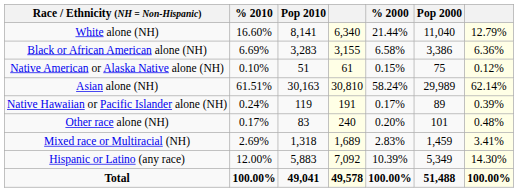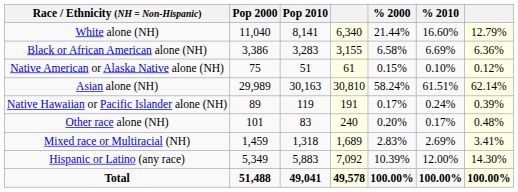 <table class="wikitable" style="text-align:center;">
 <tr>
 <th>Race / Ethnicity <small>(<em>NH = Non-Hispanic</em>)</small></th>
-<th>% 2010</th>
+<th>Pop 2000</th>
 <th>Pop 2010</th>
 <th></th>
 <th>% 2000</th>
-<th>Pop 2000</th>
+<th>% 2010</th>
 <th></th>
 </tr>
 <tr>
 <td><a href='#'>White</a> alone (NH)</td>
-<td>16.60%</td>
+<td>11,040</td>
 <td>8,141</td>
 <td style='background: #ffffe6;'>6,340</td>
 <td>21.44%</td>
-<td>11,040</td>
+<td>16.60%</td>
 <td style='background: #ffffe6;'>12.79%</td>
 </tr>
 <tr>
 <td><a href='#'>Black or African American</a> alone (NH)</td>
-<td>6.69%</td>
+<td>3,386</td>
 <td>3,283</td>
 <td style='background: #ffffe6;'>3,155</td>
 <td>6.58%</td>
-<td>3,386</td>
+<td>6.69%</td>
 <td style='background: #ffffe6;'>6.36%</td>
 </tr>
 <tr>
 <td><a href='#'>Native American</a> or <a href='#'>Alaska Native</a> alone (NH)</td>
-<td>0.10%</td>
+<td>75</td>
 <td>51</td>
 <td style='background: #ffffe6;'>61</td>
 <td>0.15%</td>
-<td>75</td>
+<td>0.10%</td>
 <td style='background: #ffffe6;'>0.12%</td>
 </tr>
 <tr>
 <td><a href='#'>Asian</a> alone (NH)</td>
-<td>61.51%</td>
+<td>29,989</td>
 <td>30,163</td>
 <td style='background: #ffffe6;'>30,810</td>
 <td>58.24%</td>
-<td>29,989</td>
+<td>61.51%</td>
 <td style='background: #ffffe6;'>62.14%</td>
 </tr>
 <tr>
 <td><a href='#'>Native Hawaiian</a> or <a href='#'>Pacific Islander</a> alone (NH)</td>
-<td>0.24%</td>
+<td>89</td>
 <td>119</td>
 <td style='background: #ffffe6;'>191</td>
 <td>0.17%</td>
-<td>89</td>
+<td>0.24%</td>
 <td style='background: #ffffe6;'>0.39%</td>
 </tr>
 <tr>
 <td><a href='#'>Other race</a> alone (NH)</td>
-<td>0.17%</td>
+<td>101</td>
 <td>83</td>
 <td style='background: #ffffe6;'>240</td>
 <td>0.20%</td>
-<td>101</td>
+<td>0.17%</td>
 <td style='background: #ffffe6;'>0.48%</td>
 </tr>
 <tr>
 <td><a href='#'>Mixed race or Multiracial</a> (NH)</td>
-<td>2.69%</td>
+<td>1,459</td>
 <td>1,318</td>
 <td style='background: #ffffe6;'>1,689</td>
 <td>2.83%</td>
-<td>1,459</td>
+<td>2.69%</td>
 <td style='background: #ffffe6;'>3.41%</td>
 </tr>
 <tr>
 <td><a href='#'>Hispanic or Latino</a> (any race)</td>
-<td>12.00%</td>
+<td>5,349</td>
 <td>5,883</td>
 <td style='background: #ffffe6;'>7,092</td>
 <td>10.39%</td>
-<td>5,349</td>
+<td>12.00%</td>
 <td style='background: #ffffe6;'>14.30%</td>
 </tr>
 <tr>
 <td><strong>Total</strong></td>
-<td><strong>100.00%</strong></td>
+<td><strong>51,488</strong></td>
 <td><strong>49,041</strong></td>
 <td style='background: #ffffe6;'><strong>49,578</strong></td>
 <td><strong>100.00%</strong></td>
-<td><strong>51,488</strong></td>
+<td><strong>100.00%</strong></td>
 <td style='background: #ffffe6;'><strong>100.00%</strong></td>
 </tr>
 </table>
